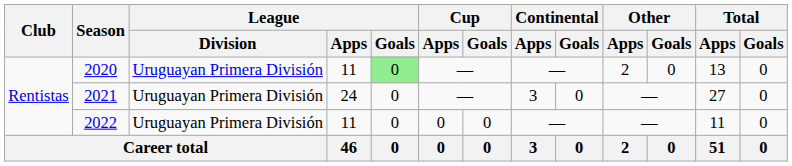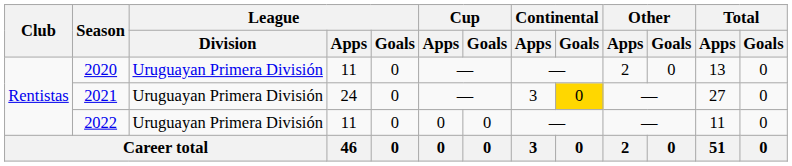 <table class="wikitable" Style="text-align: center">
 <tr>
 <th rowspan="2">Club</th>
 <th rowspan="2">Season</th>
 <th colspan="3">League</th>
 <th colspan="2">Cup</th>
 <th colspan="2">Continental</th>
 <th colspan="2">Other</th>
 <th colspan="2">Total</th>
 </tr>
 <tr>
 <th>Division</th>
 <th>Apps</th>
 <th>Goals</th>
 <th>Apps</th>
 <th>Goals</th>
 <th>Apps</th>
 <th>Goals</th>
 <th>Apps</th>
 <th>Goals</th>
 <th>Apps</th>
 <th>Goals</th>
 </tr>
 <tr>
 <td rowspan="3"><a href='#'>Rentistas</a></td>
 <td><a href='#'>2020</a></td>
 <td><a href='#'>Uruguayan Primera División</a></td>
 <td>11</td>
-<td style="background: lightgreen;">0</td>
+<td>0</td>
 <td colspan="2">—</td>
 <td colspan="2">—</td>
 <td>2</td>
 <td>0</td>
 <td>13</td>
 <td>0</td>
 </tr>
 <tr>
 <td><a href='#'>2021</a></td>
 <td>Uruguayan Primera División</td>
 <td>24</td>
 <td>0</td>
 <td colspan="2">—</td>
 <td>3</td>
-<td>0</td>
+<td style="background: gold;">0</td>
 <td colspan="2">—</td>
 <td>27</td>
 <td>0</td>
 </tr>
 <tr>
 <td><a href='#'>2022</a></td>
 <td>Uruguayan Primera División</td>
 <td>11</td>
 <td>0</td>
 <td>0</td>
 <td>0</td>
 <td colspan="2">—</td>
 <td colspan="2">—</td>
 <td>11</td>
 <td>0</td>
 </tr>
 <tr>
 <th colspan="3">Career total</th>
 <th>46</th>
 <th>0</th>
 <th>0</th>
 <th>0</th>
 <th>3</th>
 <th>0</th>
 <th>2</th>
 <th>0</th>
 <th>51</th>
 <th>0</th>
 </tr>
 </table>
